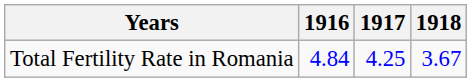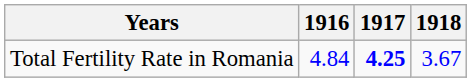 <table class="wikitable " style="text-align:right">
 <tr>
 <th>Years</th>
 <th>1916</th>
 <th>1917</th>
 <th>1918</th>
 </tr>
 <tr>
 <td align="left">Total Fertility Rate in Romania</td>
 <td style="text-align:right; color:blue;">4.84</td>
-<td style="text-align:right; color:blue;">4.25</td>
+<td style="text-align:right; color:blue;"><strong>4.25</strong></td>
 <td style="text-align:right; color:blue;">3.67</td>
 </tr>
 </table>
